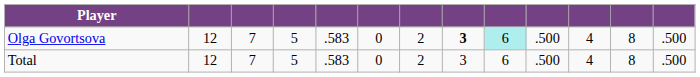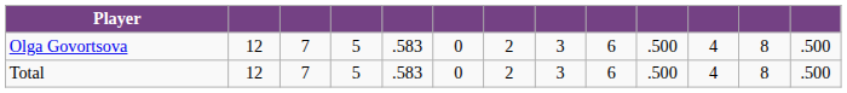 <table class="wikitable" style="text-align:center">
 <tr>
 <th style="background:#744184; color:white" width="200px">Player</th>
 <th style="background:#744184; color:white" width="40px"></th>
 <th style="background:#744184; color:white" width="40px"></th>
 <th style="background:#744184; color:white" width="40px"></th>
 <th style="background:#744184; color:white" width="40px"></th>
 <th style="background:#744184; color:white" width="40px"></th>
 <th style="background:#744184; color:white" width="40px"></th>
 <th style="background:#744184; color:white" width="40px"></th>
 <th style="background:#744184; color:white" width="40px"></th>
 <th style="background:#744184; color:white" width="40px"></th>
 <th style="background:#744184; color:white" width="40px"></th>
 <th style="background:#744184; color:white" width="40px"></th>
 <th style="background:#744184; color:white" width="40px"></th>
 </tr>
 <tr>
 <td style="text-align:left"><a href='#'>Olga Govortsova</a></td>
 <td>12</td>
 <td>7</td>
 <td>5</td>
 <td>.583</td>
 <td>0</td>
 <td>2</td>
-<td><strong>3</strong></td>
-<td style="background: paleturquoise;">6</td>
+<td>3</td>
+<td>6</td>
 <td>.500</td>
 <td>4</td>
 <td>8</td>
 <td>.500</td>
 </tr>
 <tr>
 <td style="text-align:left">Total</td>
 <td>12</td>
 <td>7</td>
 <td>5</td>
 <td>.583</td>
 <td>0</td>
 <td>2</td>
 <td>3</td>
 <td>6</td>
 <td>.500</td>
 <td>4</td>
 <td>8</td>
 <td>.500</td>
 </tr>
 </table>
